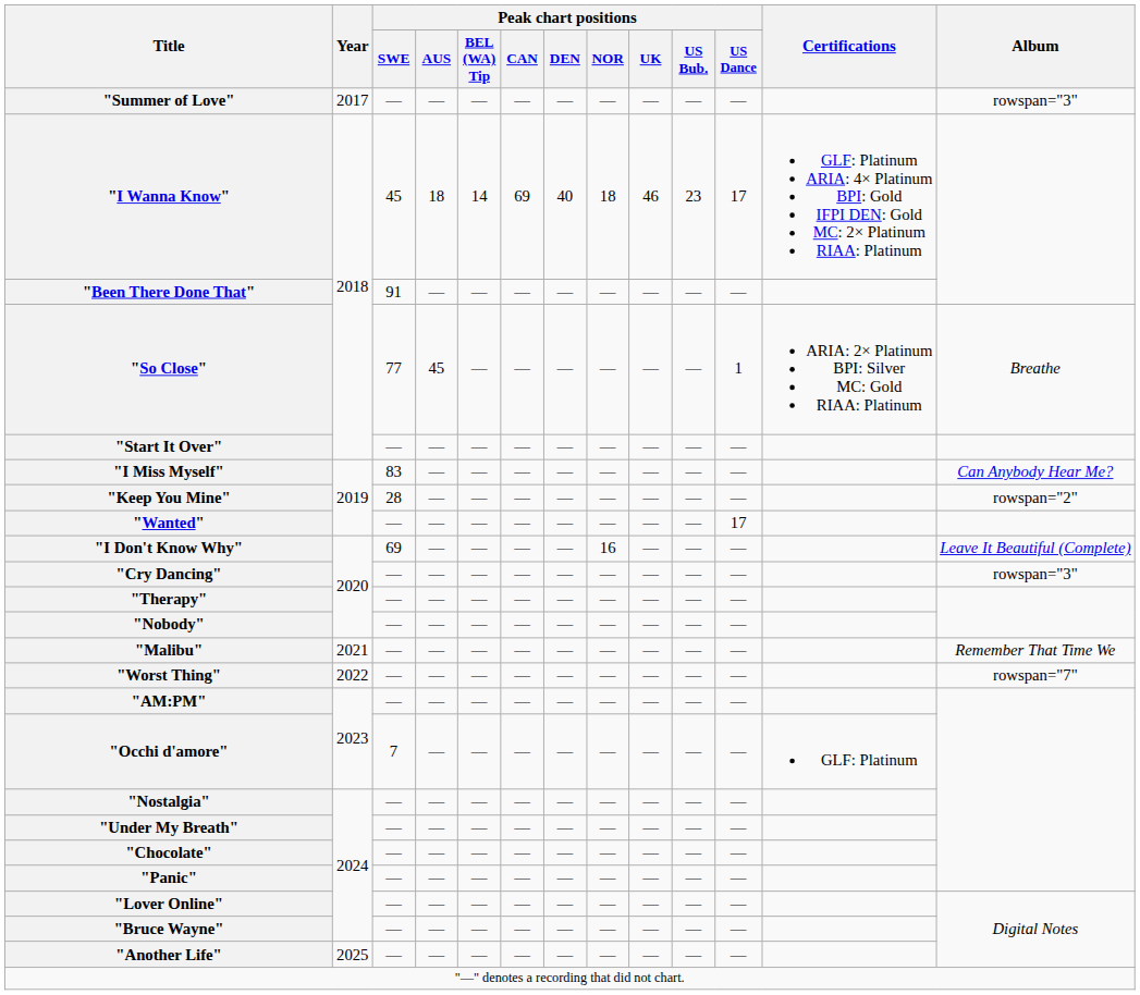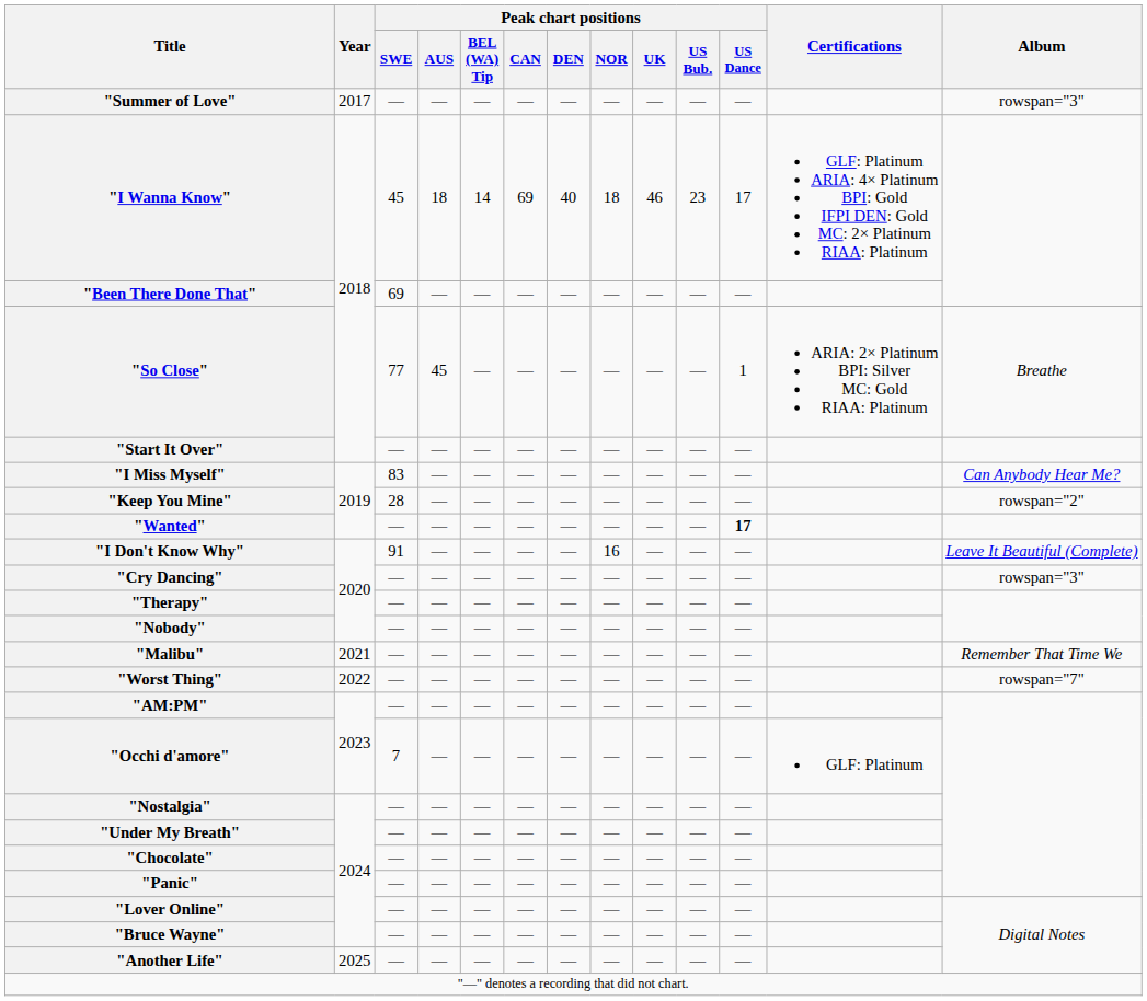 <table class="wikitable plainrowheaders" style="text-align:center;">
 <tr>
 <th scope="col" rowspan="2" style="width:20em;">Title</th>
 <th scope="col" rowspan="2" style="width:1em;">Year</th>
 <th scope="col" colspan="9">Peak chart positions</th>
 <th scope="col" rowspan="2"><a href='#'>Certifications</a></th>
 <th scope="col" rowspan="2">Album</th>
 </tr>
 <tr>
 <th scope="col" style="width:2.5em;font-size:90%;"><a href='#'>SWE</a><br></th>
 <th scope="col" style="width:2.5em;font-size:90%;"><a href='#'>AUS</a><br></th>
 <th scope="col" style="width:2.5em;font-size:90%;"><a href='#'>BEL<br>(WA)<br>Tip</a><br></th>
 <th scope="col" style="width:2.5em;font-size:90%;"><a href='#'>CAN</a><br></th>
 <th scope="col" style="width:2.5em;font-size:90%;"><a href='#'>DEN</a><br></th>
 <th scope="col" style="width:2.5em;font-size:90%;"><a href='#'>NOR</a><br></th>
 <th scope="col" style="width:2.5em;font-size:90%;"><a href='#'>UK</a><br></th>
 <th scope="col" style="width:2.5em;font-size:90%;"><a href='#'>US<br>Bub.</a><br></th>
 <th scope="col" style="width:3em;font-size:85%;"><a href='#'>US Dance</a><br></th>
 </tr>
 <tr>
 <th scope="row">"Summer of Love" <br></th>
 <td>2017</td>
 <td>—</td>
 <td>—</td>
 <td>—</td>
 <td>—</td>
 <td>—</td>
 <td>—</td>
 <td>—</td>
 <td>—</td>
 <td>—</td>
 <td></td>
 <td>rowspan="3" </td>
 </tr>
 <tr>
 <th scope="row">"<a href='#'>I Wanna Know</a>" <br></th>
 <td rowspan="4">2018</td>
 <td>45</td>
 <td>18</td>
 <td>14</td>
 <td>69</td>
 <td>40</td>
 <td>18</td>
 <td>46</td>
 <td>23</td>
 <td>17</td>
 <td><br><ul><li><a href='#'>GLF</a>: Platinum</li><li><a href='#'>ARIA</a>: 4× Platinum</li><li><a href='#'>BPI</a>: Gold</li><li><a href='#'>IFPI DEN</a>: Gold</li><li><a href='#'>MC</a>: 2× Platinum</li><li><a href='#'>RIAA</a>: Platinum</li></ul></td>
 </tr>
 <tr>
 <th scope="row">"<a href='#'>Been There Done That</a>" <br></th>
-<td>91</td>
+<td>69</td>
 <td>—</td>
 <td>—</td>
 <td>—</td>
 <td>—</td>
 <td>—</td>
 <td>—</td>
 <td>—</td>
 <td>—</td>
 <td></td>
 </tr>
 <tr>
 <th scope="row">"<a href='#'>So Close</a>"<br></th>
 <td>77</td>
 <td>45</td>
 <td>—</td>
 <td>—</td>
 <td>—</td>
 <td>—</td>
 <td>—</td>
 <td>—</td>
 <td>1</td>
 <td><br><ul><li>ARIA: 2× Platinum</li><li>BPI: Silver</li><li>MC: Gold</li><li>RIAA: Platinum</li></ul></td>
 <td><em>Breathe</em></td>
 </tr>
 <tr>
 <th scope="row">"Start It Over"<br></th>
 <td>—</td>
 <td>—</td>
 <td>—</td>
 <td>—</td>
 <td>—</td>
 <td>—</td>
 <td>—</td>
 <td>—</td>
 <td>—</td>
 <td></td>
 <td></td>
 </tr>
 <tr>
 <th scope="row">"I Miss Myself"<br></th>
 <td rowspan="3">2019</td>
 <td>83</td>
 <td>—</td>
 <td>—</td>
 <td>—</td>
 <td>—</td>
 <td>—</td>
 <td>—</td>
 <td>—</td>
 <td>—</td>
 <td></td>
 <td><em><a href='#'>Can Anybody Hear Me?</a></em></td>
 </tr>
 <tr>
 <th scope="row">"Keep You Mine"<br></th>
 <td>28</td>
 <td>—</td>
 <td>—</td>
 <td>—</td>
 <td>—</td>
 <td>—</td>
 <td>—</td>
 <td>—</td>
 <td>—</td>
 <td></td>
 <td>rowspan="2" </td>
 </tr>
 <tr>
 <th scope="row">"<a href='#'>Wanted</a>"<br></th>
 <td>—</td>
 <td>—</td>
 <td>—</td>
 <td>—</td>
 <td>—</td>
 <td>—</td>
 <td>—</td>
 <td>—</td>
-<td>17</td>
+<td><strong>17</strong></td>
 <td></td>
 </tr>
 <tr>
 <th scope="row">"I Don't Know Why"<br></th>
 <td rowspan="4">2020</td>
-<td>69</td>
+<td>91</td>
 <td>—</td>
 <td>—</td>
 <td>—</td>
 <td>—</td>
 <td>16</td>
 <td>—</td>
 <td>—</td>
 <td>—</td>
 <td></td>
 <td><a href='#'><em>Leave It Beautiful (Complete)</em></a></td>
 </tr>
 <tr>
 <th scope="row">"Cry Dancing"<br></th>
 <td>—</td>
 <td>—</td>
 <td>—</td>
 <td>—</td>
 <td>—</td>
 <td>—</td>
 <td>—</td>
 <td>—</td>
 <td>—</td>
 <td></td>
 <td>rowspan="3" </td>
 </tr>
 <tr>
 <th scope="row">"Therapy"<br></th>
 <td>—</td>
 <td>—</td>
 <td>—</td>
 <td>—</td>
 <td>—</td>
 <td>—</td>
 <td>—</td>
 <td>—</td>
 <td>—</td>
 <td></td>
 </tr>
 <tr>
 <th scope="row">"Nobody"<br></th>
 <td>—</td>
 <td>—</td>
 <td>—</td>
 <td>—</td>
 <td>—</td>
 <td>—</td>
 <td>—</td>
 <td>—</td>
 <td>—</td>
 <td></td>
 </tr>
 <tr>
 <th scope="row">"Malibu"<br></th>
 <td>2021</td>
 <td>—</td>
 <td>—</td>
 <td>—</td>
 <td>—</td>
 <td>—</td>
 <td>—</td>
 <td>—</td>
 <td>—</td>
 <td>—</td>
 <td></td>
 <td><em>Remember That Time We</em></td>
 </tr>
 <tr>
 <th scope="row">"Worst Thing"<br></th>
 <td>2022</td>
 <td>—</td>
 <td>—</td>
 <td>—</td>
 <td>—</td>
 <td>—</td>
 <td>—</td>
 <td>—</td>
 <td>—</td>
 <td>—</td>
 <td></td>
 <td>rowspan="7" </td>
 </tr>
 <tr>
 <th scope="row">"AM:PM"<br></th>
 <td rowspan="2">2023</td>
 <td>—</td>
 <td>—</td>
 <td>—</td>
 <td>—</td>
 <td>—</td>
 <td>—</td>
 <td>—</td>
 <td>—</td>
 <td>—</td>
 <td></td>
 </tr>
 <tr>
 <th scope="row">"Occhi d'amore"<br></th>
 <td>7</td>
 <td>—</td>
 <td>—</td>
 <td>—</td>
 <td>—</td>
 <td>—</td>
 <td>—</td>
 <td>—</td>
 <td>—</td>
 <td><br><ul><li>GLF: Platinum</li></ul></td>
 </tr>
 <tr>
 <th scope="row">"Nostalgia"<br></th>
 <td rowspan="6">2024</td>
 <td>—</td>
 <td>—</td>
 <td>—</td>
 <td>—</td>
 <td>—</td>
 <td>—</td>
 <td>—</td>
 <td>—</td>
 <td>—</td>
 <td></td>
 </tr>
 <tr>
 <th scope="row">"Under My Breath"<br></th>
 <td>—</td>
 <td>—</td>
 <td>—</td>
 <td>—</td>
 <td>—</td>
 <td>—</td>
 <td>—</td>
 <td>—</td>
 <td>—</td>
 <td></td>
 </tr>
 <tr>
 <th scope="row">"Chocolate"<br></th>
 <td>—</td>
 <td>—</td>
 <td>—</td>
 <td>—</td>
 <td>—</td>
 <td>—</td>
 <td>—</td>
 <td>—</td>
 <td>—</td>
 <td></td>
 </tr>
 <tr>
 <th scope="row">"Panic"<br></th>
 <td>—</td>
 <td>—</td>
 <td>—</td>
 <td>—</td>
 <td>—</td>
 <td>—</td>
 <td>—</td>
 <td>—</td>
 <td>—</td>
 <td></td>
 </tr>
 <tr>
 <th scope="row">"Lover Online"<br></th>
 <td>—</td>
 <td>—</td>
 <td>—</td>
 <td>—</td>
 <td>—</td>
 <td>—</td>
 <td>—</td>
 <td>—</td>
 <td>—</td>
 <td></td>
 <td rowspan="3"><em>Digital Notes</em></td>
 </tr>
 <tr>
 <th scope="row">"Bruce Wayne"<br></th>
 <td>—</td>
 <td>—</td>
 <td>—</td>
 <td>—</td>
 <td>—</td>
 <td>—</td>
 <td>—</td>
 <td>—</td>
 <td>—</td>
 <td></td>
 </tr>
 <tr>
 <th scope="row">"Another Life"<br></th>
 <td>2025</td>
 <td>—</td>
 <td>—</td>
 <td>—</td>
 <td>—</td>
 <td>—</td>
 <td>—</td>
 <td>—</td>
 <td>—</td>
 <td>—</td>
 <td></td>
 </tr>
 <tr>
 <td colspan="16" style="font-size:smaller;">"—" denotes a recording that did not chart.</td>
 </tr>
 </table>
